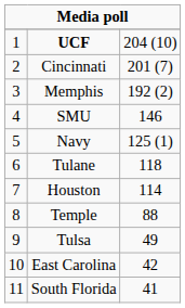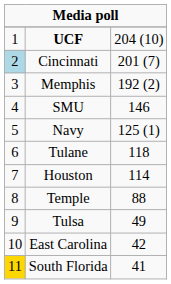 <table class="wikitable">
 <tr align="center">
 <td align="center" Colspan="3"><strong>Media poll</strong></td>
 </tr>
 <tr align="center">
 </tr>
 <tr align="center">
 <td>1</td>
 <td><strong>UCF</strong></td>
 <td>204 (10)</td>
 </tr>
 <tr align="center">
-<td>2</td>
+<td style="background: lightblue;">2</td>
 <td>Cincinnati</td>
 <td>201 (7)</td>
 </tr>
 <tr align="center">
 <td>3</td>
 <td>Memphis</td>
 <td>192 (2)</td>
 </tr>
 <tr align="center">
 <td>4</td>
 <td>SMU</td>
 <td>146</td>
 </tr>
 <tr align="center">
 <td>5</td>
 <td>Navy</td>
 <td>125 (1)</td>
 </tr>
 <tr align="center">
 <td>6</td>
 <td>Tulane</td>
 <td>118</td>
 </tr>
 <tr align="center">
 <td>7</td>
 <td>Houston</td>
 <td>114</td>
 </tr>
 <tr align="center">
 <td>8</td>
 <td>Temple</td>
 <td>88</td>
 </tr>
 <tr align="center">
 <td>9</td>
 <td>Tulsa</td>
 <td>49</td>
 </tr>
 <tr align="center">
 <td>10</td>
 <td>East Carolina</td>
 <td>42</td>
 </tr>
 <tr align="center">
-<td>11</td>
+<td style="background: gold;">11</td>
 <td>South Florida</td>
 <td>41</td>
 </tr>
 </table>
